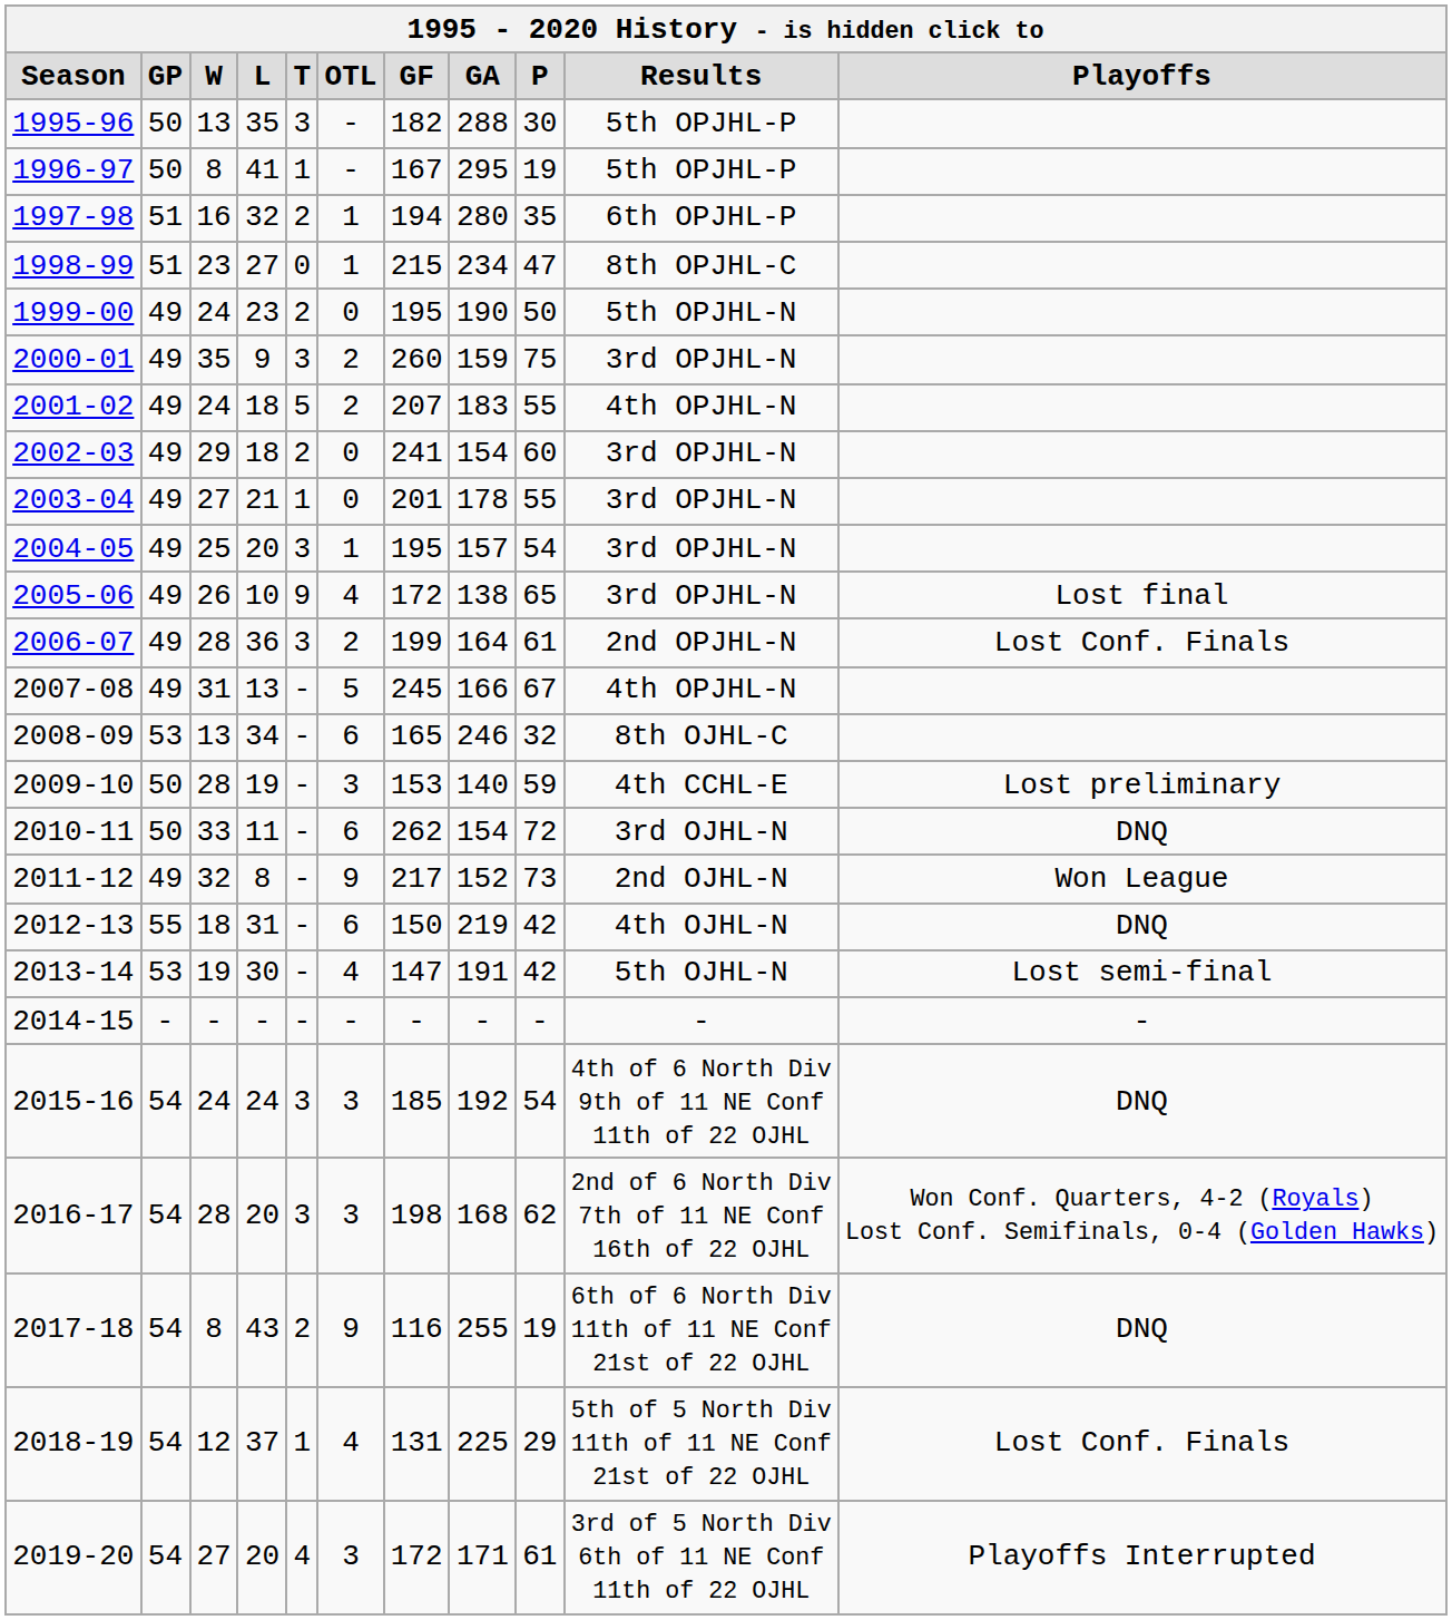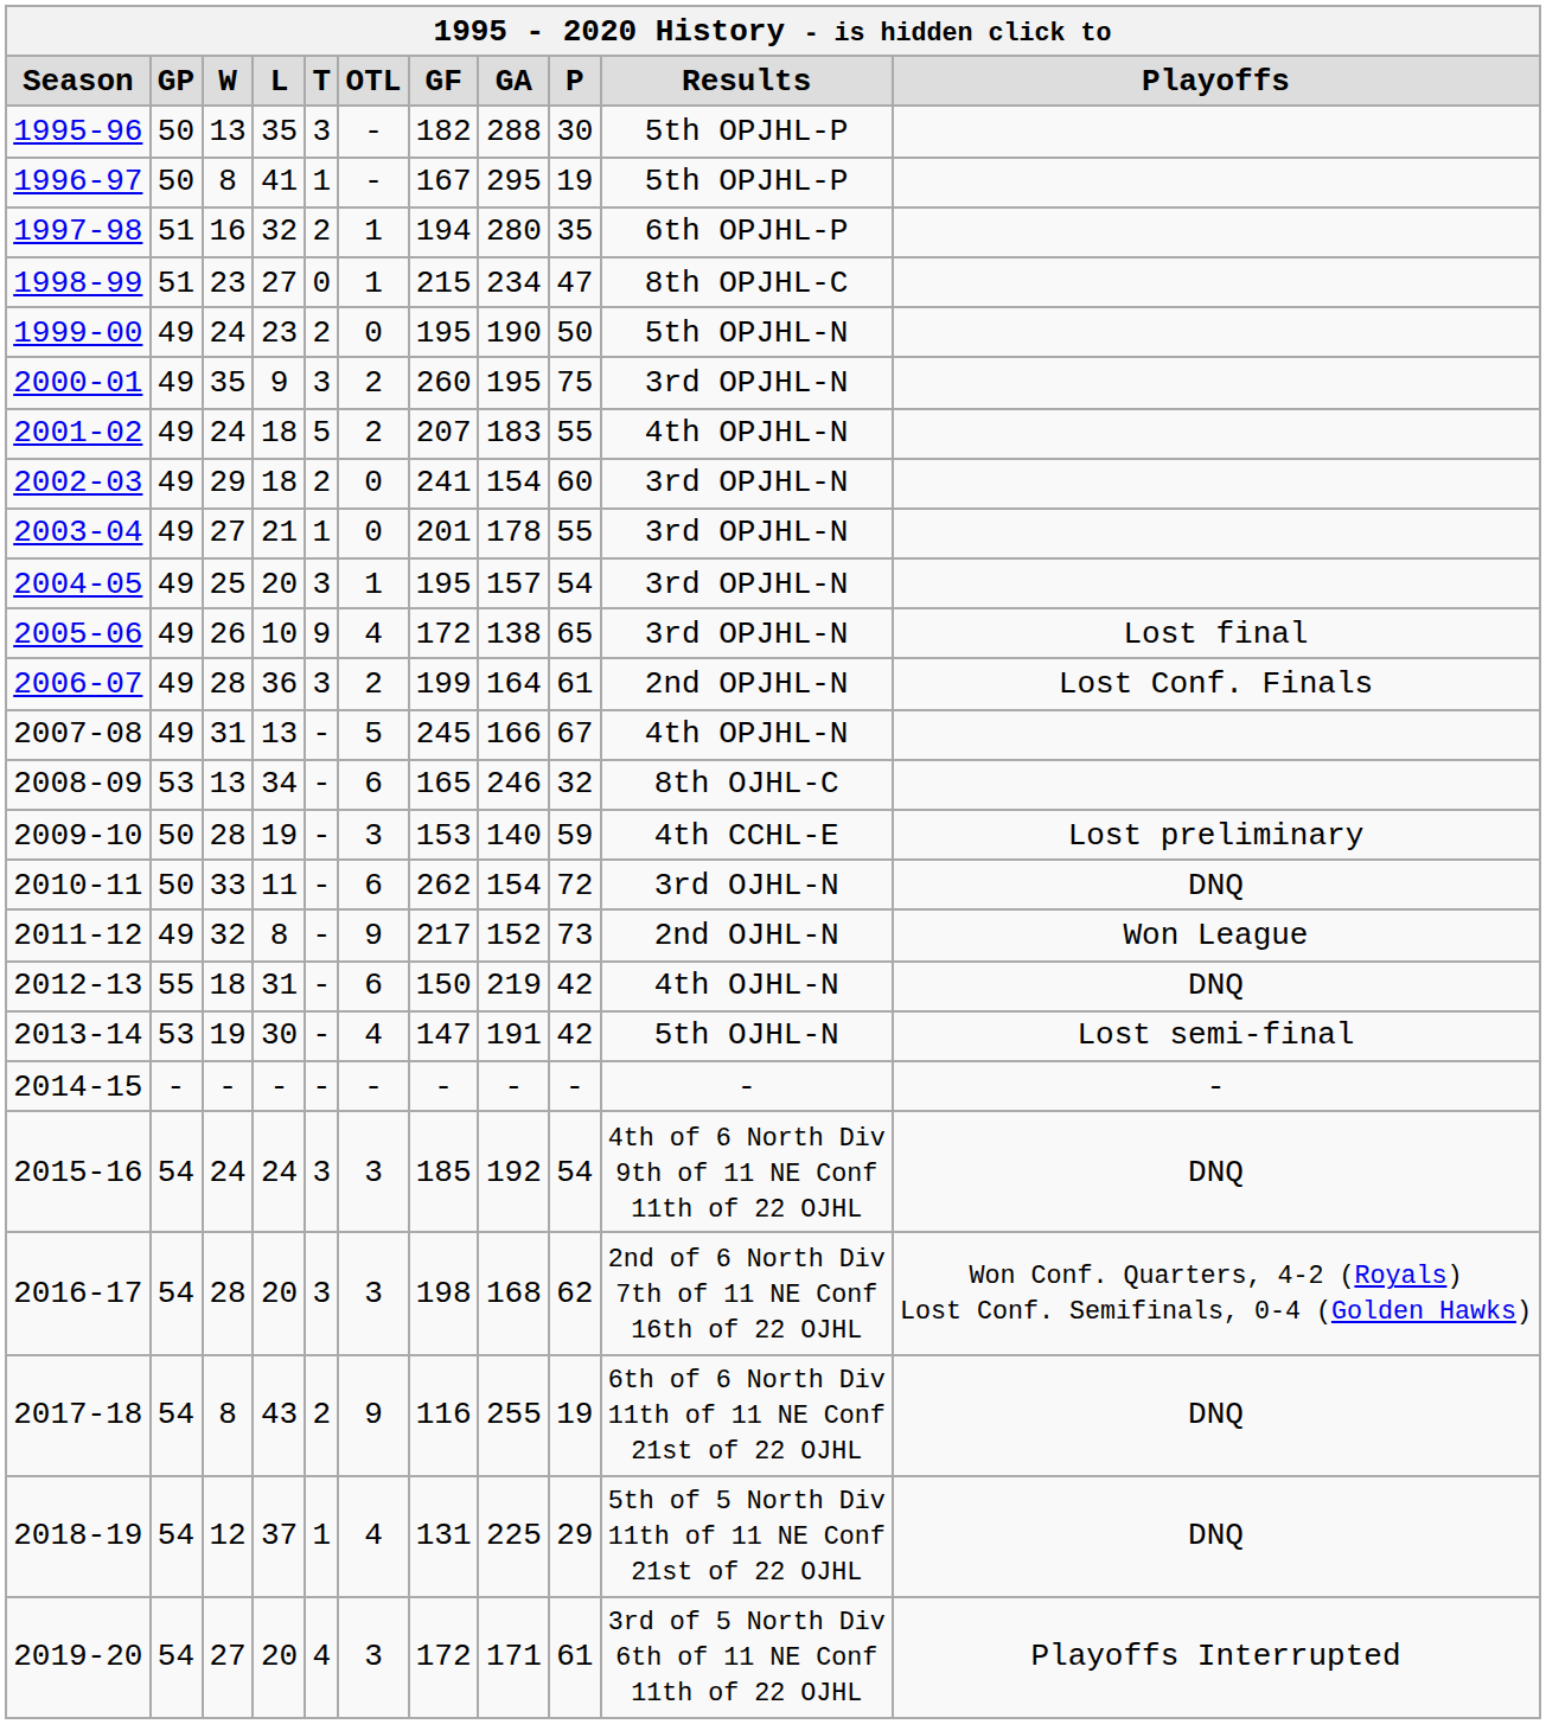 <table class="wikitable collapsible collapsed" style="text-align:center;">
 <tr>
 <th colspan=12 bgcolor="#822433" text_color=white><strong>1995 - 2020 History</strong> <small>- is hidden click to </small></th>
 </tr>
 <tr align="center"  bgcolor="#dddddd">
 <td><strong>Season</strong></td>
 <td><strong>GP</strong></td>
 <td><strong>W</strong></td>
 <td><strong>L</strong></td>
 <td><strong>T</strong></td>
 <td><strong>OTL</strong></td>
 <td><strong>GF</strong></td>
 <td><strong>GA</strong></td>
 <td><strong>P</strong></td>
 <td><strong>Results</strong></td>
 <td><strong>Playoffs</strong></td>
 </tr>
 <tr align="center">
 <td><a href='#'>1995-96</a></td>
 <td>50</td>
 <td>13</td>
 <td>35</td>
 <td>3</td>
 <td>-</td>
 <td>182</td>
 <td>288</td>
 <td>30</td>
 <td>5th OPJHL-P</td>
 <td></td>
 </tr>
 <tr align="center">
 <td><a href='#'>1996-97</a></td>
 <td>50</td>
 <td>8</td>
 <td>41</td>
 <td>1</td>
 <td>-</td>
 <td>167</td>
 <td>295</td>
 <td>19</td>
 <td>5th OPJHL-P</td>
 <td></td>
 </tr>
 <tr align="center">
 <td><a href='#'>1997-98</a></td>
 <td>51</td>
 <td>16</td>
 <td>32</td>
 <td>2</td>
 <td>1</td>
 <td>194</td>
 <td>280</td>
 <td>35</td>
 <td>6th OPJHL-P</td>
 <td></td>
 </tr>
 <tr align="center">
 <td><a href='#'>1998-99</a></td>
 <td>51</td>
 <td>23</td>
 <td>27</td>
 <td>0</td>
 <td>1</td>
 <td>215</td>
 <td>234</td>
 <td>47</td>
 <td>8th OPJHL-C</td>
 <td></td>
 </tr>
 <tr align="center">
 <td><a href='#'>1999-00</a></td>
 <td>49</td>
 <td>24</td>
 <td>23</td>
 <td>2</td>
 <td>0</td>
 <td>195</td>
 <td>190</td>
 <td>50</td>
 <td>5th OPJHL-N</td>
 <td></td>
 </tr>
 <tr align="center">
 <td><a href='#'>2000-01</a></td>
 <td>49</td>
 <td>35</td>
 <td>9</td>
 <td>3</td>
 <td>2</td>
 <td>260</td>
-<td>159</td>
+<td>195</td>
 <td>75</td>
 <td>3rd OPJHL-N</td>
 <td></td>
 </tr>
 <tr align="center">
 <td><a href='#'>2001-02</a></td>
 <td>49</td>
 <td>24</td>
 <td>18</td>
 <td>5</td>
 <td>2</td>
 <td>207</td>
 <td>183</td>
 <td>55</td>
 <td>4th OPJHL-N</td>
 <td></td>
 </tr>
 <tr align="center">
 <td><a href='#'>2002-03</a></td>
 <td>49</td>
 <td>29</td>
 <td>18</td>
 <td>2</td>
 <td>0</td>
 <td>241</td>
 <td>154</td>
 <td>60</td>
 <td>3rd OPJHL-N</td>
 <td></td>
 </tr>
 <tr align="center">
 <td><a href='#'>2003-04</a></td>
 <td>49</td>
 <td>27</td>
 <td>21</td>
 <td>1</td>
 <td>0</td>
 <td>201</td>
 <td>178</td>
 <td>55</td>
 <td>3rd OPJHL-N</td>
 <td></td>
 </tr>
 <tr align="center">
 <td><a href='#'>2004-05</a></td>
 <td>49</td>
 <td>25</td>
 <td>20</td>
 <td>3</td>
 <td>1</td>
 <td>195</td>
 <td>157</td>
 <td>54</td>
 <td>3rd OPJHL-N</td>
 <td></td>
 </tr>
 <tr align="center">
 <td><a href='#'>2005-06</a></td>
 <td>49</td>
 <td>26</td>
 <td>10</td>
 <td>9</td>
 <td>4</td>
 <td>172</td>
 <td>138</td>
 <td>65</td>
 <td>3rd OPJHL-N</td>
 <td>Lost final</td>
 </tr>
 <tr align="center">
 <td><a href='#'>2006-07</a></td>
 <td>49</td>
 <td>28</td>
 <td>36</td>
 <td>3</td>
 <td>2</td>
 <td>199</td>
 <td>164</td>
 <td>61</td>
 <td>2nd OPJHL-N</td>
 <td>Lost Conf. Finals</td>
 </tr>
 <tr align="center">
 <td>2007-08</td>
 <td>49</td>
 <td>31</td>
 <td>13</td>
 <td>-</td>
 <td>5</td>
 <td>245</td>
 <td>166</td>
 <td>67</td>
 <td>4th OPJHL-N</td>
 <td></td>
 </tr>
 <tr align="center">
 <td>2008-09</td>
 <td>53</td>
 <td>13</td>
 <td>34</td>
 <td>-</td>
 <td>6</td>
 <td>165</td>
 <td>246</td>
 <td>32</td>
 <td>8th OJHL-C</td>
 <td></td>
 </tr>
 <tr align="center">
 <td>2009-10</td>
 <td>50</td>
 <td>28</td>
 <td>19</td>
 <td>-</td>
 <td>3</td>
 <td>153</td>
 <td>140</td>
 <td>59</td>
 <td>4th CCHL-E</td>
 <td>Lost preliminary</td>
 </tr>
 <tr align="center">
 <td>2010-11</td>
 <td>50</td>
 <td>33</td>
 <td>11</td>
 <td>-</td>
 <td>6</td>
 <td>262</td>
 <td>154</td>
 <td>72</td>
 <td>3rd OJHL-N</td>
 <td>DNQ</td>
 </tr>
 <tr align="center">
 <td>2011-12</td>
 <td>49</td>
 <td>32</td>
 <td>8</td>
 <td>-</td>
 <td>9</td>
 <td>217</td>
 <td>152</td>
 <td>73</td>
 <td>2nd OJHL-N</td>
 <td>Won League</td>
 </tr>
 <tr align="center">
 <td>2012-13</td>
 <td>55</td>
 <td>18</td>
 <td>31</td>
 <td>-</td>
 <td>6</td>
 <td>150</td>
 <td>219</td>
 <td>42</td>
 <td>4th OJHL-N</td>
 <td>DNQ</td>
 </tr>
 <tr align="center">
 <td>2013-14</td>
 <td>53</td>
 <td>19</td>
 <td>30</td>
 <td>-</td>
 <td>4</td>
 <td>147</td>
 <td>191</td>
 <td>42</td>
 <td>5th OJHL-N</td>
 <td>Lost semi-final</td>
 </tr>
 <tr align="center">
 <td>2014-15</td>
 <td>-</td>
 <td>-</td>
 <td>-</td>
 <td>-</td>
 <td>-</td>
 <td>-</td>
 <td>-</td>
 <td>-</td>
 <td>-</td>
 <td>-</td>
 </tr>
 <tr align="center">
 <td>2015-16</td>
 <td>54</td>
 <td>24</td>
 <td>24</td>
 <td>3</td>
 <td>3</td>
 <td>185</td>
 <td>192</td>
 <td>54</td>
 <td><small>4th of 6 North Div<br>9th of 11 NE Conf<br>11th of 22 OJHL</small></td>
 <td>DNQ</td>
 </tr>
 <tr align="center">
 <td>2016-17</td>
 <td>54</td>
 <td>28</td>
 <td>20</td>
 <td>3</td>
 <td>3</td>
 <td>198</td>
 <td>168</td>
 <td>62</td>
 <td><small>2nd of 6 North Div<br>7th of 11 NE Conf<br>16th of 22 OJHL</small></td>
 <td><small>Won Conf. Quarters, 4-2 (<a href='#'>Royals</a>)<br>Lost Conf. Semifinals, 0-4 (<a href='#'>Golden Hawks</a>)</small></td>
 </tr>
 <tr align="center">
 <td>2017-18</td>
 <td>54</td>
 <td>8</td>
 <td>43</td>
 <td>2</td>
 <td>9</td>
 <td>116</td>
 <td>255</td>
 <td>19</td>
 <td><small>6th of 6 North Div<br>11th of 11 NE Conf<br>21st of 22 OJHL</small></td>
 <td>DNQ</td>
 </tr>
 <tr align="center">
 <td>2018-19</td>
 <td>54</td>
 <td>12</td>
 <td>37</td>
 <td>1</td>
 <td>4</td>
 <td>131</td>
 <td>225</td>
 <td>29</td>
 <td><small>5th of 5 North Div<br>11th of 11 NE Conf<br>21st of 22 OJHL</small></td>
-<td>Lost Conf. Finals</td>
+<td>DNQ</td>
 </tr>
 <tr align="center">
 <td>2019-20</td>
 <td>54</td>
 <td>27</td>
 <td>20</td>
 <td>4</td>
 <td>3</td>
 <td>172</td>
 <td>171</td>
 <td>61</td>
 <td><small>3rd of 5 North Div<br>6th of 11 NE Conf<br>11th of 22 OJHL</small></td>
 <td>Playoffs Interrupted</td>
 </tr>
 </table>
